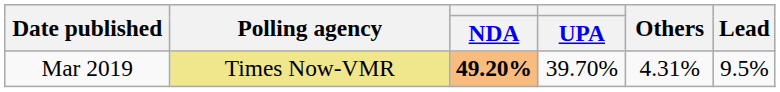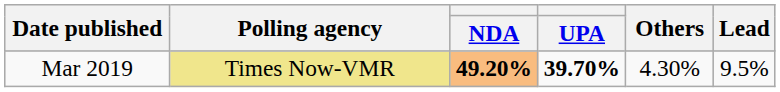 <table class="wikitable sortable" style="text-align:center;font-size:95%;line-height:16px">
 <tr>
 <th rowspan="2" width="100px">Date published</th>
 <th rowspan="2" width="175px">Polling agency</th>
 <th style="background:"></th>
 <th style="background:"></th>
 <th rowspan="2" width="50px" class="unsortable">Others</th>
 <th rowspan="2">Lead</th>
 </tr>
 <tr>
 <th width="50px" class="unsortable"><a href='#'>NDA</a></th>
 <th width="50px" class="unsortable"><a href='#'>UPA</a></th>
 </tr>
 <tr>
 <td>Mar 2019</td>
 <td style="background: khaki;">Times Now-VMR</td>
 <td style="background:#F9BC7F"><strong>49.20%</strong></td>
-<td>39.70%</td>
-<td>4.31%</td>
+<td><strong>39.70%</strong></td>
+<td>4.30%</td>
 <td style="background:"><span>9.5%</span></td>
 </tr>
 </table>
